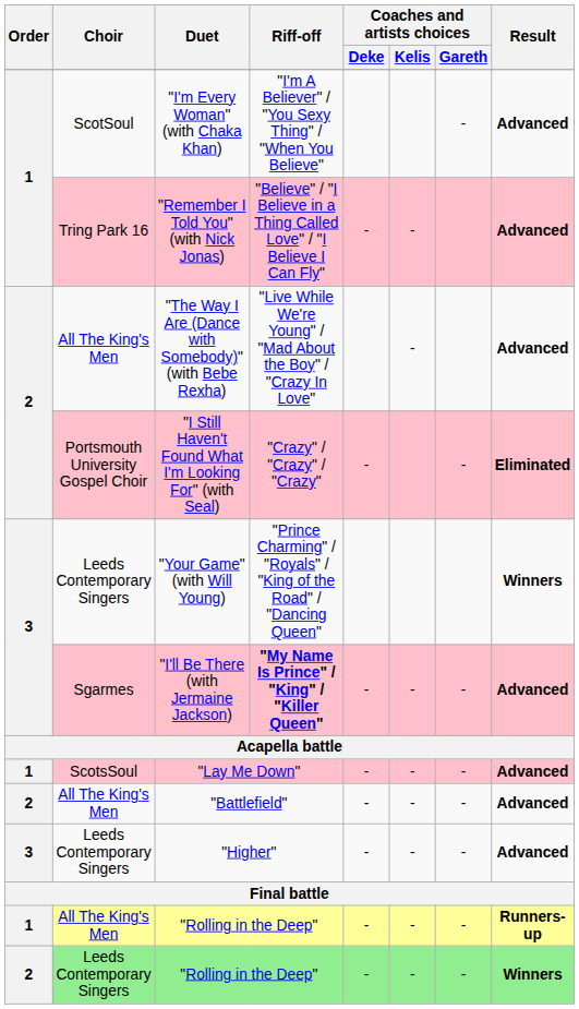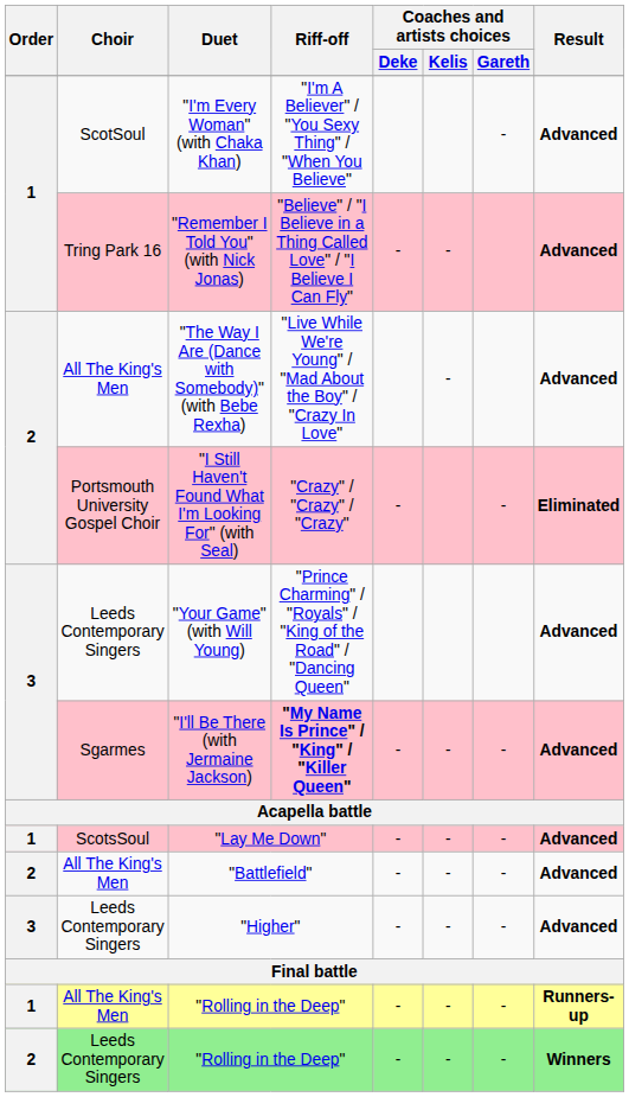 <table class="wikitable plainrowheaders" style="text-align:center;">
 <tr>
 <th scope="col" rowspan="2" style="width:05%;">Order</th>
 <th scope="col" rowspan="2" style="width:13%;">Choir</th>
 <th scope="col" rowspan="2" style="width:20%;">Duet</th>
 <th scope="col" rowspan="2" style="width:26%;">Riff-off</th>
 <th colspan="3" style="width:40%;">Coaches and artists choices</th>
 <th scope="col" rowspan="2" style="width:05%;">Result</th>
 </tr>
 <tr>
 <th style="width:10%;"><a href='#'>Deke</a></th>
 <th style="width:10%;"><a href='#'>Kelis</a></th>
 <th style="width:10%;"><a href='#'>Gareth</a></th>
 </tr>
 <tr>
 </tr>
 <tr>
 </tr>
 <tr>
 <th rowspan="2" scope="row">1</th>
 <td>ScotSoul</td>
 <td>"<a href='#'>I'm Every Woman</a>" (with <a href='#'>Chaka Khan</a>)</td>
 <td>"<a href='#'>I'm A Believer</a>" / "<a href='#'>You Sexy Thing</a>" / "<a href='#'>When You Believe</a>"</td>
 <td><strong></strong></td>
 <td><strong></strong></td>
 <td>-</td>
 <td><strong>Advanced</strong></td>
 </tr>
 <tr style="background:pink;">
 <td>Tring Park 16</td>
 <td>"<a href='#'>Remember I Told You</a>" (with <a href='#'>Nick Jonas</a>)</td>
 <td>"<a href='#'>Believe</a>" / "<a href='#'>I Believe in a Thing Called Love</a>" / "<a href='#'>I Believe I Can Fly</a>"</td>
 <td>-</td>
 <td>-</td>
 <td><strong></strong></td>
 <td><strong>Advanced</strong></td>
 </tr>
 <tr>
 <th rowspan="2" scope="row">2</th>
 <td><a href='#'>All The King's Men</a></td>
 <td>"<a href='#'>The Way I Are (Dance with Somebody)</a>" (with <a href='#'>Bebe Rexha</a>)</td>
 <td>"<a href='#'>Live While We're Young</a>" / "<a href='#'>Mad About the Boy</a>" / "<a href='#'>Crazy In Love</a>"</td>
 <td><strong></strong></td>
 <td>-</td>
 <td><strong></strong></td>
 <td><strong>Advanced</strong></td>
 </tr>
 <tr style="background:pink;">
 <td>Portsmouth University Gospel Choir</td>
 <td>"<a href='#'>I Still Haven't Found What I'm Looking For</a>" (with <a href='#'>Seal</a>)</td>
 <td>"<a href='#'>Crazy</a>" / "<a href='#'>Crazy</a>" / "<a href='#'>Crazy</a>"</td>
 <td>-</td>
 <td><strong></strong></td>
 <td>-</td>
 <td><strong>Eliminated</strong></td>
 </tr>
 <tr>
 <th rowspan="2" scope="row">3</th>
 <td>Leeds Contemporary Singers</td>
 <td>"<a href='#'>Your Game</a>" (with <a href='#'>Will Young</a>)</td>
 <td>"<a href='#'>Prince Charming</a>" / "<a href='#'>Royals</a>" / "<a href='#'>King of the Road</a>" / "<a href='#'>Dancing Queen</a>"</td>
 <td><strong></strong></td>
 <td><strong></strong></td>
 <td><strong></strong></td>
-<td><strong>Winners</strong></td>
+<td><strong>Advanced</strong></td>
 </tr>
 <tr style="background:pink;">
 <td>Sgarmes</td>
 <td>"<a href='#'>I'll Be There</a> (with <a href='#'>Jermaine Jackson</a>)</td>
 <td><strong>"<a href='#'>My Name Is Prince</a>" / "<a href='#'>King</a>" / "<a href='#'>Killer Queen</a>"</strong></td>
 <td>-</td>
 <td>-</td>
 <td>-</td>
 <td><strong>Advanced</strong></td>
 </tr>
 <tr>
 <th colspan="8">Acapella battle</th>
 </tr>
 <tr style="background:pink;">
 <th scope="row">1</th>
 <td>ScotsSoul</td>
 <td colspan="2">"<a href='#'>Lay Me Down</a>"</td>
 <td>-</td>
 <td>-</td>
 <td>-</td>
 <td><strong>Advanced</strong></td>
 </tr>
 <tr>
 <th scope="row">2</th>
 <td><a href='#'>All The King's Men</a></td>
 <td colspan="2">"<a href='#'>Battlefield</a>"</td>
 <td>-</td>
 <td>-</td>
 <td>-</td>
 <td><strong>Advanced</strong></td>
 </tr>
 <tr>
 <th scope="row">3</th>
 <td>Leeds Contemporary Singers</td>
 <td colspan="2">"<a href='#'>Higher</a>"</td>
 <td>-</td>
 <td>-</td>
 <td>-</td>
 <td><strong>Advanced</strong></td>
 </tr>
 <tr>
 <th colspan="8">Final battle</th>
 </tr>
 <tr style="background:#ff9;">
 <th scope="row">1</th>
 <td><a href='#'>All The King's Men</a></td>
 <td colspan="2">"<a href='#'>Rolling in the Deep</a>"</td>
 <td>-</td>
 <td>-</td>
 <td>-</td>
 <td><strong>Runners-up</strong></td>
 </tr>
 <tr style="background:lightgreen;">
 <th scope="row">2</th>
 <td>Leeds Contemporary Singers</td>
 <td colspan="2">"<a href='#'>Rolling in the Deep</a>"</td>
 <td>-</td>
 <td>-</td>
 <td>-</td>
 <td><strong>Winners</strong></td>
 </tr>
 </table>
